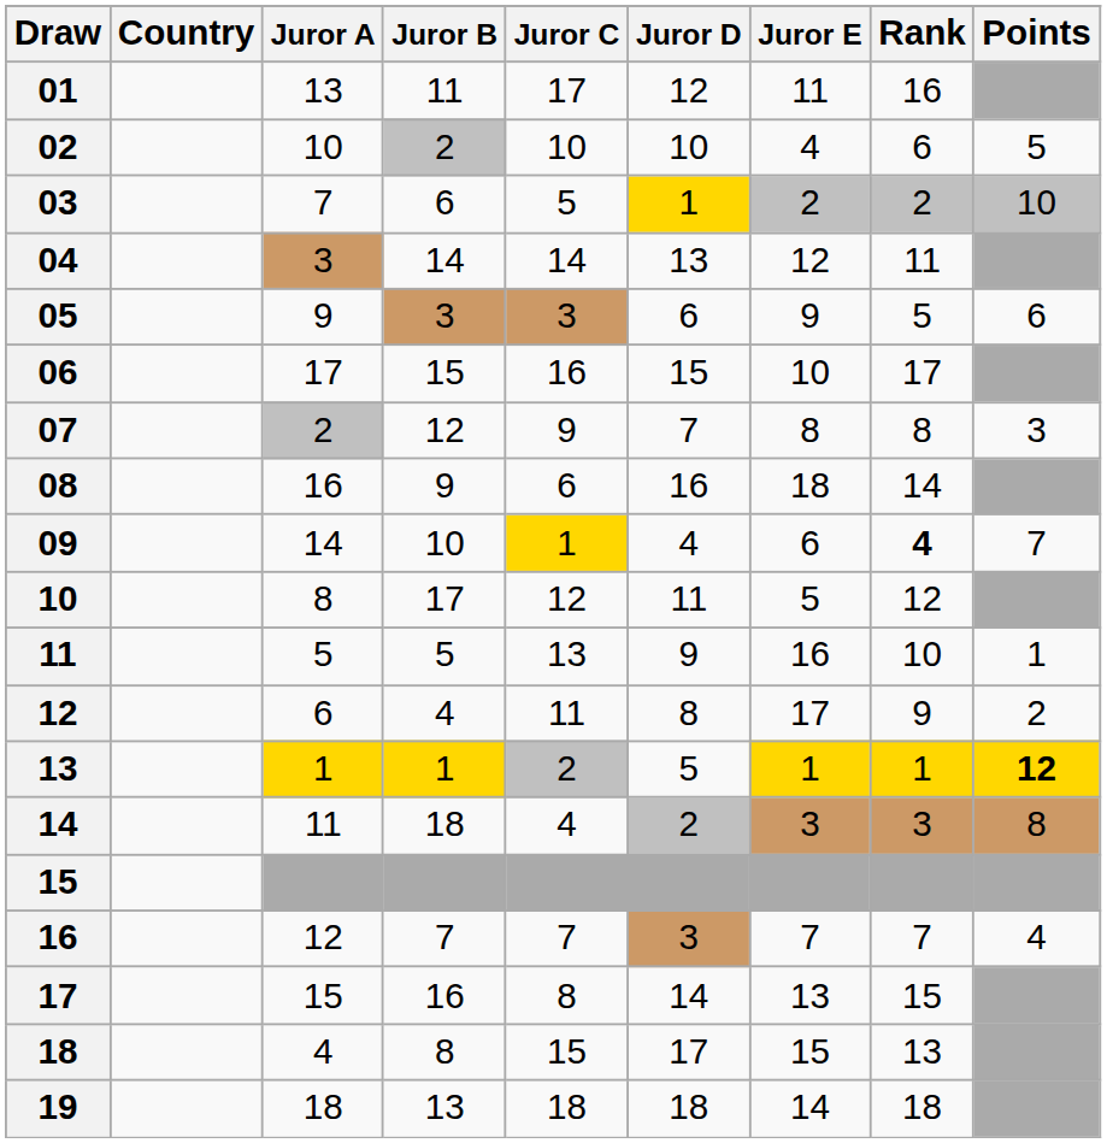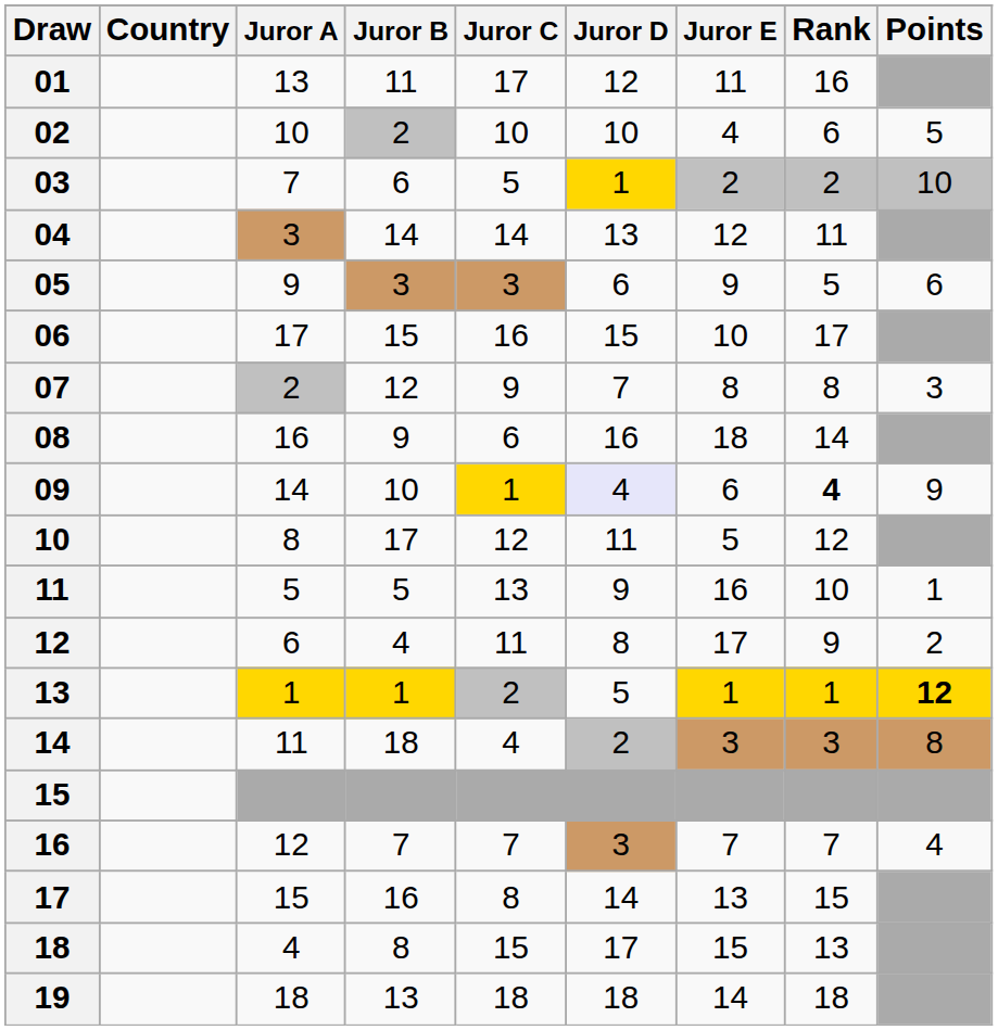 <table class="sortable wikitable collapsible plainrowheaders" style="text-align:center;">
 <tr>
 </tr>
 <tr>
 <th scope="col">Draw</th>
 <th scope="col">Country</th>
 <th scope="col"><small>Juror A</small></th>
 <th scope="col"><small>Juror B</small></th>
 <th scope="col"><small>Juror C</small></th>
 <th scope="col"><small>Juror D</small></th>
 <th scope="col"><small>Juror E</small></th>
 <th scope="col">Rank</th>
 <th scope="col">Points</th>
 </tr>
 <tr>
 <th scope="row" style="text-align:center;">01</th>
 <td style="text-align:left;"></td>
 <td>13</td>
 <td>11</td>
 <td>17</td>
 <td>12</td>
 <td>11</td>
 <td>16</td>
 <td style="background:#AAAAAA;"></td>
 </tr>
 <tr>
 <th scope="row" style="text-align:center;">02</th>
 <td style="text-align:left;"></td>
 <td>10</td>
 <td style="background:silver;">2</td>
 <td>10</td>
 <td>10</td>
 <td>4</td>
 <td>6</td>
 <td>5</td>
 </tr>
 <tr>
 <th scope="row" style="text-align:center;">03</th>
 <td style="text-align:left;"></td>
 <td>7</td>
 <td>6</td>
 <td>5</td>
 <td style="background:gold;">1</td>
 <td style="background:silver;">2</td>
 <td style="background:silver;">2</td>
 <td style="background:silver;">10</td>
 </tr>
 <tr>
 <th scope="row" style="text-align:center;">04</th>
 <td style="text-align:left;"></td>
 <td style="background:#CC9966;">3</td>
 <td>14</td>
 <td>14</td>
 <td>13</td>
 <td>12</td>
 <td>11</td>
 <td style="background:#AAAAAA;"></td>
 </tr>
 <tr>
 <th scope="row" style="text-align:center;">05</th>
 <td style="text-align:left;"></td>
 <td>9</td>
 <td style="background:#CC9966;">3</td>
 <td style="background:#CC9966;">3</td>
 <td>6</td>
 <td>9</td>
 <td>5</td>
 <td>6</td>
 </tr>
 <tr>
 <th scope="row" style="text-align:center;">06</th>
 <td style="text-align:left;"></td>
 <td>17</td>
 <td>15</td>
 <td>16</td>
 <td>15</td>
 <td>10</td>
 <td>17</td>
 <td style="background:#AAAAAA;"></td>
 </tr>
 <tr>
 <th scope="row" style="text-align:center;">07</th>
 <td style="text-align:left;"></td>
 <td style="background:silver;">2</td>
 <td>12</td>
 <td>9</td>
 <td>7</td>
 <td>8</td>
 <td>8</td>
 <td>3</td>
 </tr>
 <tr>
 <th scope="row" style="text-align:center;">08</th>
 <td style="text-align:left;"></td>
 <td>16</td>
 <td>9</td>
 <td>6</td>
 <td>16</td>
 <td>18</td>
 <td>14</td>
 <td style="background:#AAAAAA;"></td>
 </tr>
 <tr>
 <th scope="row" style="text-align:center;">09</th>
 <td style="text-align:left;"></td>
 <td>14</td>
 <td>10</td>
 <td style="background:gold;">1</td>
-<td>4</td>
+<td style="background: lavender;">4</td>
 <td>6</td>
 <td><strong>4</strong></td>
-<td>7</td>
+<td>9</td>
 </tr>
 <tr>
 <th scope="row" style="text-align:center;">10</th>
 <td style="text-align:left;"></td>
 <td>8</td>
 <td>17</td>
 <td>12</td>
 <td>11</td>
 <td>5</td>
 <td>12</td>
 <td style="background:#AAAAAA;"></td>
 </tr>
 <tr>
 <th scope="row" style="text-align:center;">11</th>
 <td style="text-align:left;"></td>
 <td>5</td>
 <td>5</td>
 <td>13</td>
 <td>9</td>
 <td>16</td>
 <td>10</td>
 <td>1</td>
 </tr>
 <tr>
 <th scope="row" style="text-align:center;">12</th>
 <td style="text-align:left;"></td>
 <td>6</td>
 <td>4</td>
 <td>11</td>
 <td>8</td>
 <td>17</td>
 <td>9</td>
 <td>2</td>
 </tr>
 <tr>
 <th scope="row" style="text-align:center;">13</th>
 <td style="text-align:left;"></td>
 <td style="background:gold;">1</td>
 <td style="background:gold;">1</td>
 <td style="background:silver;">2</td>
 <td>5</td>
 <td style="background:gold;">1</td>
 <td style="background:gold;">1</td>
 <td style="background:gold;"><strong>12</strong></td>
 </tr>
 <tr>
 <th scope="row" style="text-align:center;">14</th>
 <td style="text-align:left;"></td>
 <td>11</td>
 <td>18</td>
 <td>4</td>
 <td style="background:silver;">2</td>
 <td style="background:#CC9966;">3</td>
 <td style="background:#CC9966;">3</td>
 <td style="background:#CC9966;">8</td>
 </tr>
 <tr class="sortbottom">
 <th scope="row" style="text-align:center;">15</th>
 <td style="text-align:left;"></td>
 <td style="background:#AAAAAA;"></td>
 <td style="background:#AAAAAA;"></td>
 <td style="background:#AAAAAA;"></td>
 <td style="background:#AAAAAA;"></td>
 <td style="background:#AAAAAA;"></td>
 <td style="background:#AAAAAA;"></td>
 <td style="background:#AAAAAA;"></td>
 </tr>
 <tr>
 <th scope="row" style="text-align:center;">16</th>
 <td style="text-align:left;"></td>
 <td>12</td>
 <td>7</td>
 <td>7</td>
 <td style="background:#CC9966;">3</td>
 <td>7</td>
 <td>7</td>
 <td>4</td>
 </tr>
 <tr>
 <th scope="row" style="text-align:center;">17</th>
 <td style="text-align:left;"></td>
 <td>15</td>
 <td>16</td>
 <td>8</td>
 <td>14</td>
 <td>13</td>
 <td>15</td>
 <td style="background:#AAAAAA;"></td>
 </tr>
 <tr>
 <th scope="row" style="text-align:center;">18</th>
 <td style="text-align:left;"></td>
 <td>4</td>
 <td>8</td>
 <td>15</td>
 <td>17</td>
 <td>15</td>
 <td>13</td>
 <td style="background:#AAAAAA;"></td>
 </tr>
 <tr>
 <th scope="row" style="text-align:center;">19</th>
 <td style="text-align:left;"></td>
 <td>18</td>
 <td>13</td>
 <td>18</td>
 <td>18</td>
 <td>14</td>
 <td>18</td>
 <td style="background:#AAAAAA;"></td>
 </tr>
 </table>
